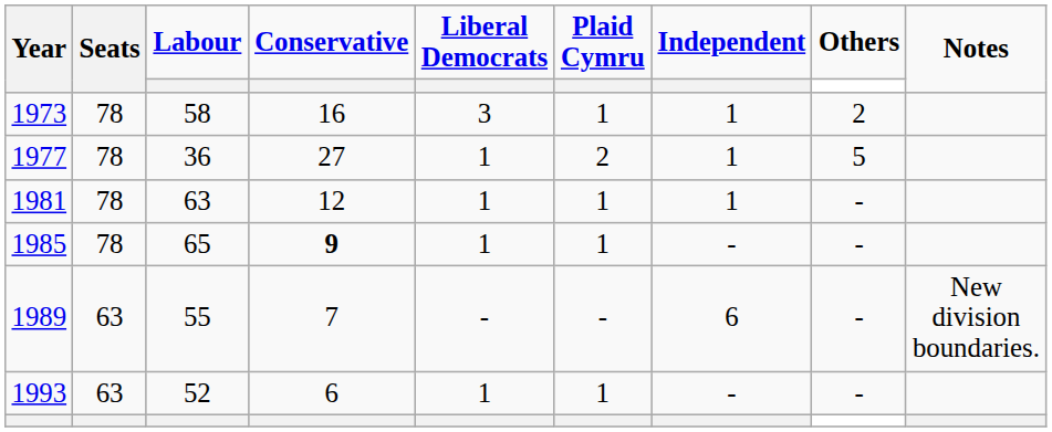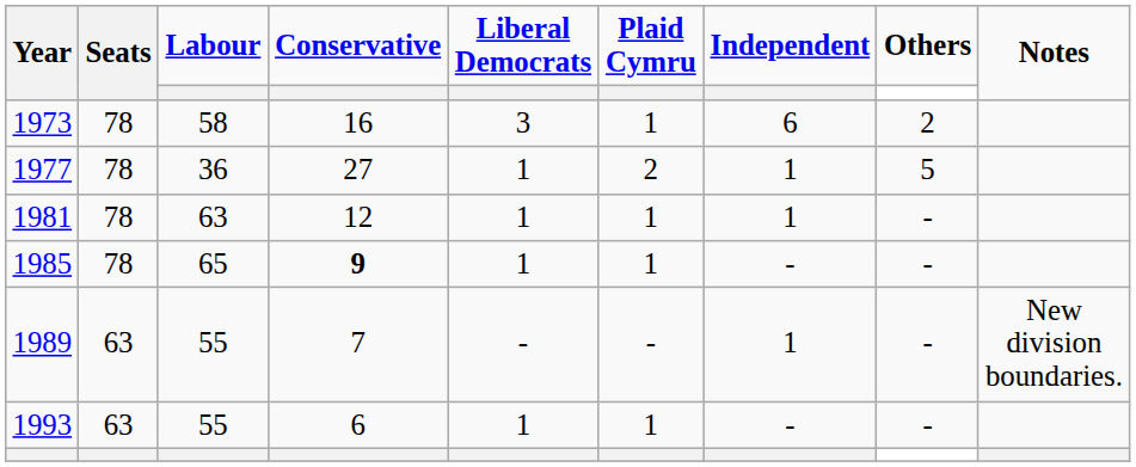 <table class="wikitable" style=text-align:center>
 <tr>
 <th rowspan=2><strong>Year</strong></th>
 <th rowspan=2><strong>Seats</strong></th>
 <td width="80"><a href='#'><strong>Labour</strong></a></td>
 <td width="80"><a href='#'><strong>Conservative</strong></a></td>
 <td width="80"><a href='#'><strong>Liberal Democrats</strong></a></td>
 <td width="80"><strong><a href='#'>Plaid Cymru</a></strong></td>
 <td width="80"><a href='#'><strong>Independent</strong></a></td>
 <td width="80"><strong>Others</strong></td>
 <td rowspan=2><strong>Notes</strong></td>
 </tr>
 <tr>
 <th style="background-color: "></th>
 <th style="background-color: "></th>
 <th style="background-color: "></th>
 <th style="background-color: "></th>
 <th style="background-color: "></th>
 <th style="background-color: white; width: 3px;"></th>
 </tr>
 <tr>
 <td><a href='#'>1973</a></td>
 <td>78</td>
 <td>58</td>
 <td>16</td>
 <td>3</td>
 <td>1</td>
-<td>1</td>
+<td>6</td>
 <td>2</td>
 <td></td>
 </tr>
 <tr>
 <td><a href='#'>1977</a></td>
 <td>78</td>
 <td>36</td>
 <td>27</td>
 <td>1</td>
 <td>2</td>
 <td>1</td>
 <td>5</td>
 <td></td>
 </tr>
 <tr>
 <td><a href='#'>1981</a></td>
 <td>78</td>
 <td>63</td>
 <td>12</td>
 <td>1</td>
 <td>1</td>
 <td>1</td>
 <td>-</td>
 <td></td>
 </tr>
 <tr>
 <td><a href='#'>1985</a></td>
 <td>78</td>
 <td>65</td>
 <td><strong>9</strong></td>
 <td>1</td>
 <td>1</td>
 <td>-</td>
 <td>-</td>
 <td></td>
 </tr>
 <tr>
 <td><a href='#'>1989</a></td>
 <td>63</td>
 <td>55</td>
 <td>7</td>
 <td>-</td>
 <td>-</td>
-<td>6</td>
+<td>1</td>
 <td>-</td>
 <td>New division boundaries.</td>
 </tr>
 <tr>
 <td><a href='#'>1993</a></td>
 <td>63</td>
-<td>52</td>
+<td>55</td>
 <td>6</td>
 <td>1</td>
 <td>1</td>
 <td>-</td>
 <td>-</td>
 <td></td>
 </tr>
 <tr>
 <th></th>
 <th></th>
 <th style="background-color: "></th>
 <th style="background-color: "></th>
 <th style="background-color: "></th>
 <th style="background-color: "></th>
 <th style="background-color: "></th>
 <th style="background-color: white; width: 3px;"></th>
 <th></th>
 </tr>
 </table>
